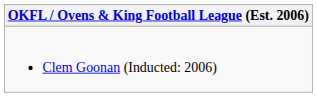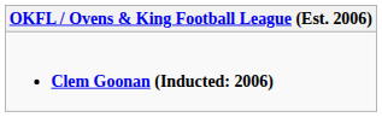 <table class="wikitable collapsible collapsed">
 <tr>
 <th><strong><a href='#'>OKFL / Ovens & King Football League</a> (Est. 2006)</strong> </th>
 </tr>
 <tr>
-<td><br><ul><li><a href='#'>Clem Goonan</a> (Inducted: 2006)</li></ul></td>
+<td><strong><br><ul><li><a href='#'>Clem Goonan</a> (Inducted: 2006)</li></ul></strong></td>
 </tr>
 </table>
